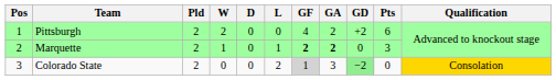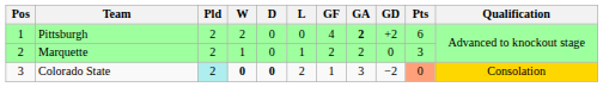 <table class="wikitable" style="text-align:center; margin: 1em auto">
 <tr>
 <th style="width:2em">Pos</th>
 <th style="width:13em">Team</th>
 <th style="width:2em">Pld</th>
 <th style="width:2em">W</th>
 <th style="width:2em">D</th>
 <th style="width:2em">L</th>
 <th style="width:2em">GF</th>
 <th style="width:2em">GA</th>
 <th style="width:2em">GD</th>
 <th style="width:2em">Pts</th>
 <th style="width:13em">Qualification</th>
 </tr>
 <tr bgcolor="#9eff9e">
 <td>1</td>
 <td style="text-align:left">Pittsburgh</td>
 <td>2</td>
 <td>2</td>
 <td>0</td>
 <td>0</td>
 <td>4</td>
-<td>2</td>
+<td><strong>2</strong></td>
 <td>+2</td>
 <td>6</td>
 <td rowspan="2">Advanced to knockout stage</td>
 </tr>
 <tr bgcolor="#9eff9e">
 <td>2</td>
 <td style="text-align:left">Marquette</td>
 <td>2</td>
 <td>1</td>
 <td>0</td>
 <td>1</td>
-<td><strong>2</strong></td>
-<td><strong>2</strong></td>
+<td>2</td>
+<td>2</td>
 <td>0</td>
 <td>3</td>
 </tr>
 <tr>
 <td>3</td>
 <td style="text-align:left">Colorado State</td>
+<td style="background: paleturquoise;">2</td>
+<td><strong>0</strong></td>
+<td><strong>0</strong></td>
 <td>2</td>
-<td>0</td>
-<td>0</td>
-<td>2</td>
-<td style="background: lightgrey;">1</td>
+<td>1</td>
 <td>3</td>
-<td style="background: lightgreen;">−2</td>
-<td>0</td>
+<td>−2</td>
+<td style="background: lightsalmon;">0</td>
 <td style="background: gold;">Consolation</td>
 </tr>
 </table>
